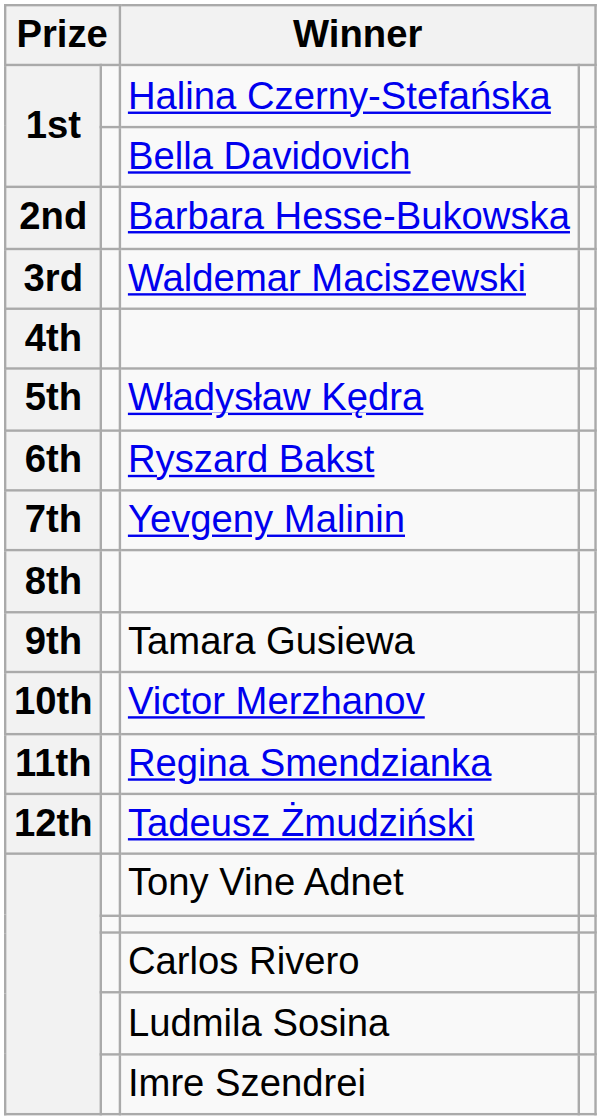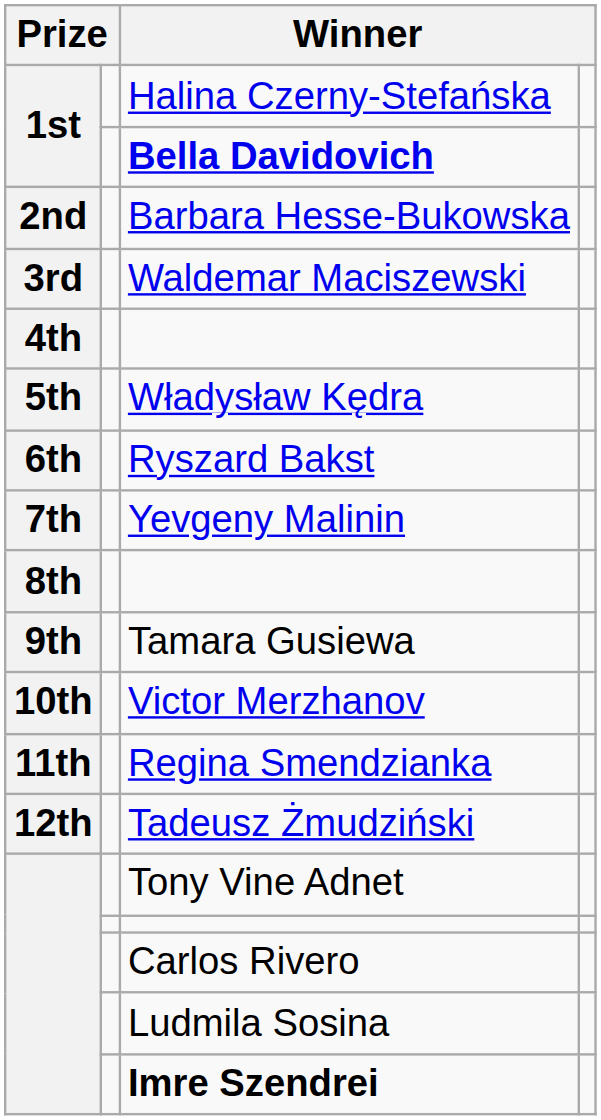 <table class="wikitable">
 <tr>
 <th colspan="2">Prize</th>
 <th colspan="2">Winner</th>
 </tr>
 <tr>
 <th rowspan="2">1st</th>
 <td></td>
 <td><a href='#'>Halina Czerny-Stefańska</a></td>
 <td></td>
 </tr>
 <tr>
 <td></td>
-<td><a href='#'>Bella Davidovich</a></td>
+<td><strong><a href='#'>Bella Davidovich</a></strong></td>
 <td></td>
 </tr>
 <tr>
 <th>2nd</th>
 <td></td>
 <td><a href='#'>Barbara Hesse-Bukowska</a></td>
 <td></td>
 </tr>
 <tr>
 <th>3rd</th>
 <td></td>
 <td><a href='#'>Waldemar Maciszewski</a></td>
 <td></td>
 </tr>
 <tr>
 <th>4th</th>
 <td></td>
 <td></td>
 <td></td>
 </tr>
 <tr>
 <th>5th</th>
 <td></td>
 <td><a href='#'>Władysław Kędra</a></td>
 <td></td>
 </tr>
 <tr>
 <th>6th</th>
 <td></td>
 <td><a href='#'>Ryszard Bakst</a></td>
 <td></td>
 </tr>
 <tr>
 <th>7th</th>
 <td></td>
 <td><a href='#'>Yevgeny Malinin</a></td>
 <td></td>
 </tr>
 <tr>
 <th>8th</th>
 <td></td>
 <td></td>
 <td></td>
 </tr>
 <tr>
 <th>9th</th>
 <td></td>
 <td>Tamara Gusiewa</td>
 <td></td>
 </tr>
 <tr>
 <th>10th</th>
 <td></td>
 <td><a href='#'>Victor Merzhanov</a></td>
 <td></td>
 </tr>
 <tr>
 <th>11th</th>
 <td></td>
 <td><a href='#'>Regina Smendzianka</a></td>
 <td></td>
 </tr>
 <tr>
 <th>12th</th>
 <td></td>
 <td><a href='#'>Tadeusz Żmudziński</a></td>
 <td></td>
 </tr>
 <tr>
 <th rowspan="5"></th>
 <td></td>
 <td>Tony Vine Adnet</td>
 <td></td>
 </tr>
 <tr>
 <td></td>
 <td></td>
 <td></td>
 </tr>
 <tr>
 <td></td>
 <td>Carlos Rivero</td>
 <td></td>
 </tr>
 <tr>
 <td></td>
 <td>Ludmila Sosina</td>
 <td></td>
 </tr>
 <tr>
 <td></td>
-<td>Imre Szendrei</td>
+<td><strong>Imre Szendrei</strong></td>
 <td></td>
 </tr>
 </table>
